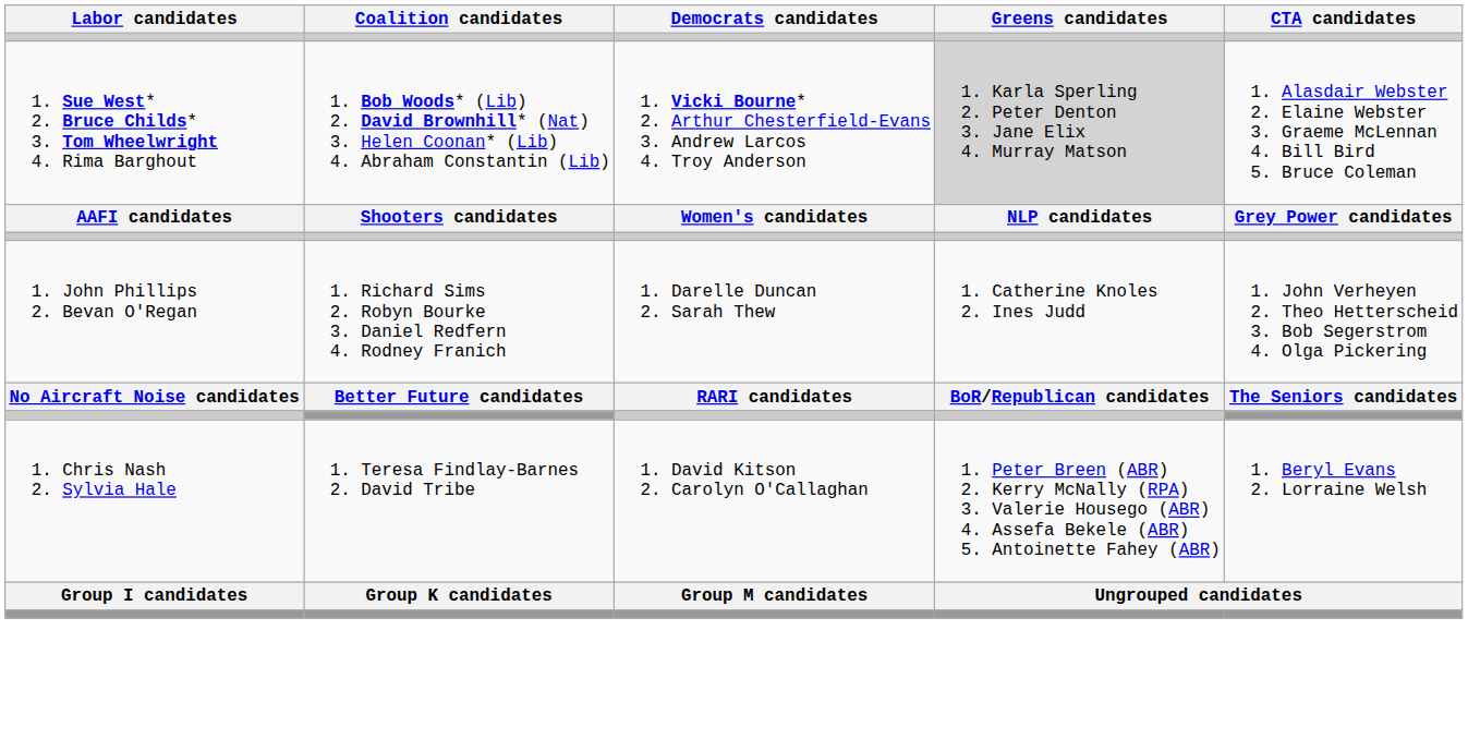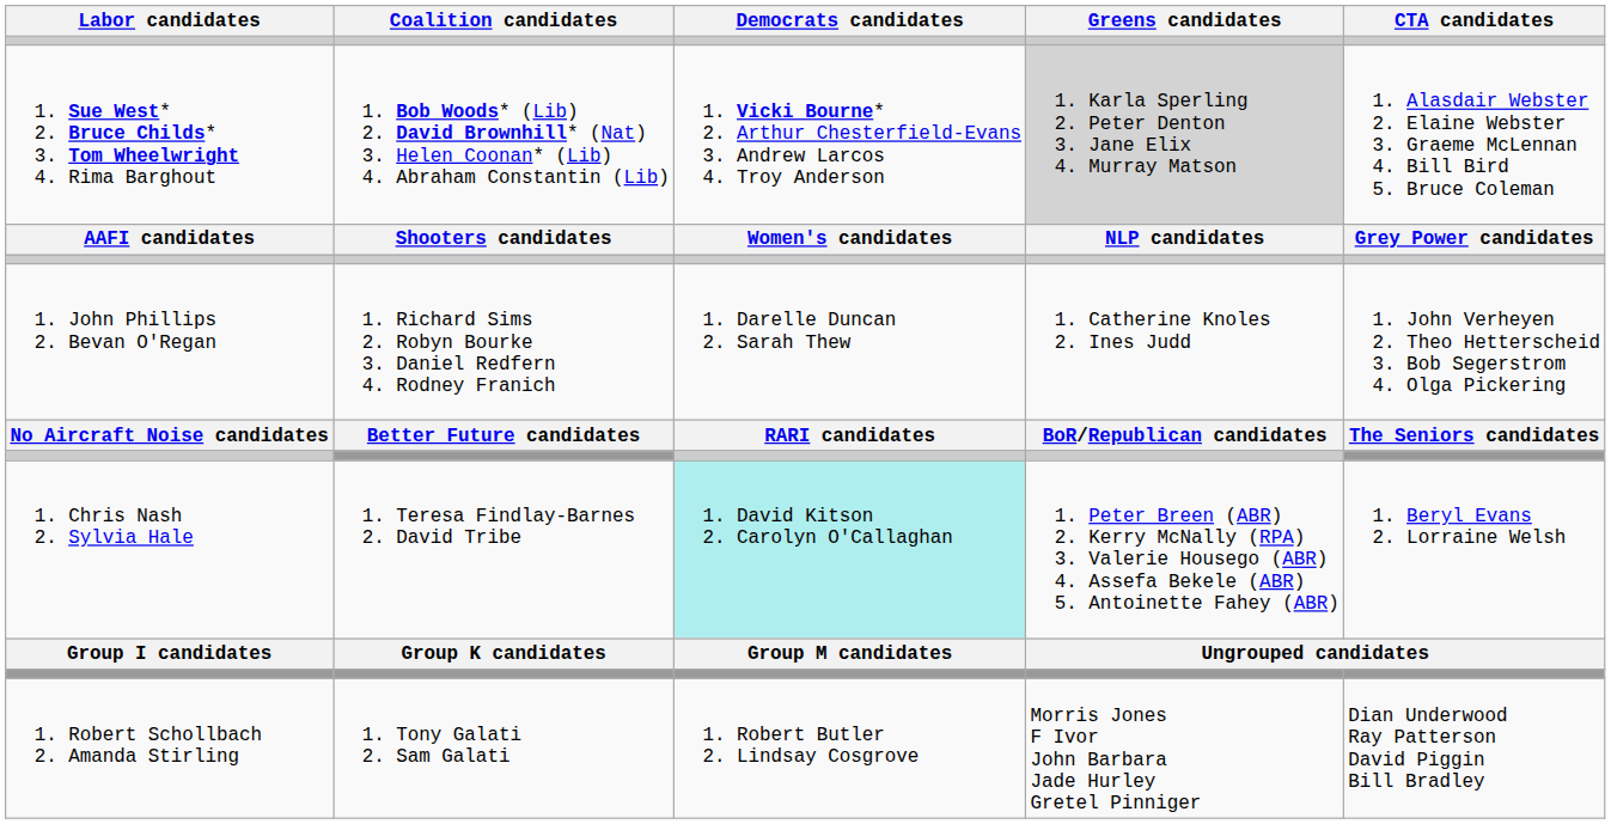 <table class="wikitable">
 <tr>
 <th><a href='#'>Labor</a> candidates</th>
 <th><a href='#'>Coalition</a> candidates</th>
 <th><a href='#'>Democrats</a> candidates</th>
 <th><a href='#'>Greens</a> candidates</th>
 <th><a href='#'>CTA</a> candidates</th>
 </tr>
 <tr bgcolor="#cccccc">
 <td></td>
 <td></td>
 <td></td>
 <td></td>
 <td></td>
 </tr>
 <tr>
 <td><br><ol><li><strong><a href='#'>Sue West</a></strong>*</li><li><strong><a href='#'>Bruce Childs</a></strong>*</li><li><strong><a href='#'>Tom Wheelwright</a></strong></li><li>Rima Barghout</li></ol></td>
 <td><br><ol><li><strong><a href='#'>Bob Woods</a></strong>* (<a href='#'>Lib</a>)</li><li><strong><a href='#'>David Brownhill</a></strong>* (<a href='#'>Nat</a>)</li><li><a href='#'>Helen Coonan</a>* (<a href='#'>Lib</a>)</li><li>Abraham Constantin (<a href='#'>Lib</a>)</li></ol></td>
 <td><br><ol><li><strong><a href='#'>Vicki Bourne</a></strong>*</li><li><a href='#'>Arthur Chesterfield-Evans</a></li><li>Andrew Larcos</li><li>Troy Anderson</li></ol></td>
 <td valign=top style="background: lightgrey;"><br><ol><li>Karla Sperling</li><li>Peter Denton</li><li>Jane Elix</li><li>Murray Matson</li></ol></td>
 <td valign=top><br><ol><li><a href='#'>Alasdair Webster</a></li><li>Elaine Webster</li><li>Graeme McLennan</li><li>Bill Bird</li><li>Bruce Coleman</li></ol></td>
 </tr>
 <tr bgcolor="#cccccc">
 <th><a href='#'>AAFI</a> candidates</th>
 <th><a href='#'>Shooters</a> candidates</th>
 <th><a href='#'>Women's</a> candidates</th>
 <th><a href='#'>NLP</a> candidates</th>
 <th><a href='#'>Grey Power</a> candidates</th>
 </tr>
 <tr bgcolor="#cccccc">
 <td></td>
 <td></td>
 <td></td>
 <td></td>
 <td></td>
 </tr>
 <tr>
 <td valign=top><br><ol><li>John Phillips</li><li>Bevan O'Regan</li></ol></td>
 <td valign=top><br><ol><li>Richard Sims</li><li>Robyn Bourke</li><li>Daniel Redfern</li><li>Rodney Franich</li></ol></td>
 <td valign=top><br><ol><li>Darelle Duncan</li><li>Sarah Thew</li></ol></td>
 <td valign=top><br><ol><li>Catherine Knoles</li><li>Ines Judd</li></ol></td>
 <td valign=top><br><ol><li>John Verheyen</li><li>Theo Hetterscheid</li><li>Bob Segerstrom</li><li>Olga Pickering</li></ol></td>
 </tr>
 <tr bgcolor="#cccccc">
 <th><a href='#'>No Aircraft Noise</a> candidates</th>
 <th><a href='#'>Better Future</a> candidates</th>
 <th><a href='#'>RARI</a> candidates</th>
 <th><a href='#'>BoR</a>/<a href='#'>Republican</a> candidates</th>
 <th><a href='#'>The Seniors</a> candidates</th>
 </tr>
 <tr bgcolor="#cccccc">
 <td></td>
 <td bgcolor="#999999"></td>
 <td></td>
 <td></td>
 <td bgcolor="#999999"></td>
 </tr>
 <tr>
 <td valign=top><br><ol><li>Chris Nash</li><li><a href='#'>Sylvia Hale</a></li></ol></td>
 <td valign=top><br><ol><li>Teresa Findlay-Barnes</li><li>David Tribe</li></ol></td>
-<td valign=top><br><ol><li>David Kitson</li><li>Carolyn O'Callaghan</li></ol></td>
+<td valign=top style="background: paleturquoise;"><br><ol><li>David Kitson</li><li>Carolyn O'Callaghan</li></ol></td>
 <td valign=top><br><ol><li><a href='#'>Peter Breen</a> (<a href='#'>ABR</a>)</li><li>Kerry McNally (<a href='#'>RPA</a>)</li><li>Valerie Housego (<a href='#'>ABR</a>)</li><li>Assefa Bekele (<a href='#'>ABR</a>)</li><li>Antoinette Fahey (<a href='#'>ABR</a>)</li></ol></td>
 <td valign=top><br><ol><li><a href='#'>Beryl Evans</a></li><li>Lorraine Welsh</li></ol></td>
 </tr>
 <tr bgcolor="#cccccc">
 <th>Group I candidates</th>
 <th>Group K candidates</th>
 <th>Group M candidates</th>
 <th colspan="2">Ungrouped candidates</th>
 </tr>
 <tr bgcolor="#cccccc">
 <td bgcolor="#999999"></td>
 <td bgcolor="#999999"></td>
 <td bgcolor="#999999"></td>
 <td bgcolor="#999999"></td>
 <td bgcolor="#999999"></td>
 </tr>
+<tr>
+<td valign=top><br><ol><li>Robert Schollbach</li><li>Amanda Stirling</li></ol></td>
+<td valign=top><br><ol><li>Tony Galati</li><li>Sam Galati</li></ol></td>
+<td valign=top><br><ol><li>Robert Butler</li><li>Lindsay Cosgrove</li></ol></td>
+<td valign=top><br>Morris Jones<br> F Ivor<br> John Barbara<br> Jade Hurley<br> Gretel Pinniger</td>
+<td valign=top><br>Dian Underwood<br> Ray Patterson<br> David Piggin<br> Bill Bradley</td>
+</tr>
 </table>
